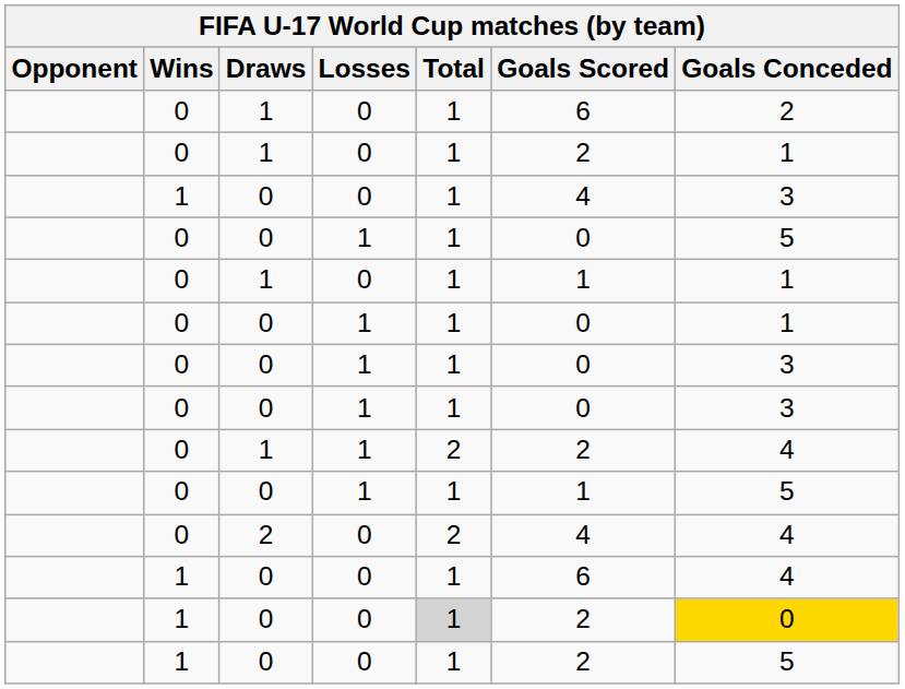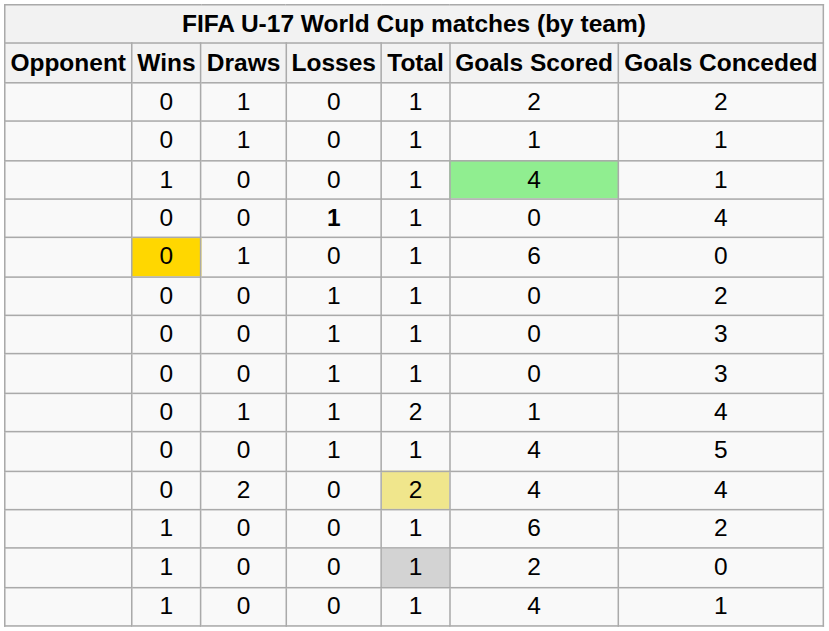 <table class="wikitable sortable" style="text-align: center;">
 <tr>
 <th colspan=7>FIFA U-17 World Cup matches (by team)</th>
 </tr>
 <tr>
 <th>Opponent</th>
 <th>Wins</th>
 <th>Draws</th>
 <th>Losses</th>
 <th>Total</th>
 <th>Goals Scored</th>
 <th>Goals Conceded</th>
 </tr>
 <tr>
 <td style="text-align: left;"></td>
 <td>0</td>
 <td>1</td>
 <td>0</td>
 <td>1</td>
-<td>6</td>
 <td>2</td>
-</tr>
-<tr>
-<td style="text-align: left;"></td>
-<td>0</td>
-<td>1</td>
-<td>0</td>
-<td>1</td>
 <td>2</td>
-<td>1</td>
-</tr>
-<tr>
-<td style="text-align: left;"></td>
-<td>1</td>
-<td>0</td>
-<td>0</td>
-<td>1</td>
-<td>4</td>
-<td>3</td>
-</tr>
-<tr>
-<td style="text-align: left;"></td>
-<td>0</td>
-<td>0</td>
-<td>1</td>
-<td>1</td>
-<td>0</td>
-<td>5</td>
 </tr>
 <tr>
 <td style="text-align: left;"></td>
 <td>0</td>
 <td>1</td>
 <td>0</td>
 <td>1</td>
 <td>1</td>
 <td>1</td>
 </tr>
 <tr>
 <td style="text-align: left;"></td>
+<td>1</td>
+<td>0</td>
+<td>0</td>
+<td>1</td>
+<td style="background: lightgreen;">4</td>
+<td>1</td>
+</tr>
+<tr>
+<td style="text-align: left;"></td>
+<td>0</td>
+<td>0</td>
+<td><strong>1</strong></td>
+<td>1</td>
+<td>0</td>
+<td>4</td>
+</tr>
+<tr>
+<td style="text-align: left;"></td>
+<td style="background: gold;">0</td>
+<td>1</td>
+<td>0</td>
+<td>1</td>
+<td>6</td>
+<td>0</td>
+</tr>
+<tr>
+<td style="text-align: left;"></td>
 <td>0</td>
 <td>0</td>
 <td>1</td>
 <td>1</td>
 <td>0</td>
-<td>1</td>
+<td>2</td>
 </tr>
 <tr>
 <td style="text-align: left;"></td>
 <td>0</td>
 <td>0</td>
 <td>1</td>
 <td>1</td>
 <td>0</td>
 <td>3</td>
 </tr>
 <tr>
 <td style="text-align: left;"></td>
 <td>0</td>
 <td>0</td>
 <td>1</td>
 <td>1</td>
 <td>0</td>
 <td>3</td>
 </tr>
 <tr>
 <td style="text-align: left;"></td>
 <td>0</td>
 <td>1</td>
 <td>1</td>
 <td>2</td>
-<td>2</td>
+<td>1</td>
 <td>4</td>
 </tr>
 <tr>
 <td style="text-align: left;"></td>
 <td>0</td>
 <td>0</td>
 <td>1</td>
 <td>1</td>
-<td>1</td>
+<td>4</td>
 <td>5</td>
 </tr>
 <tr>
 <td style="text-align: left;"></td>
 <td>0</td>
 <td>2</td>
 <td>0</td>
-<td>2</td>
+<td style="background: khaki;">2</td>
 <td>4</td>
 <td>4</td>
 </tr>
 <tr>
 <td style="text-align: left;"></td>
 <td>1</td>
 <td>0</td>
 <td>0</td>
 <td>1</td>
 <td>6</td>
-<td>4</td>
+<td>2</td>
 </tr>
 <tr>
 <td style="text-align: left;"></td>
 <td>1</td>
 <td>0</td>
 <td>0</td>
 <td style="background: lightgrey;">1</td>
 <td>2</td>
-<td style="background: gold;">0</td>
+<td>0</td>
 </tr>
 <tr>
 <td style="text-align: left;"></td>
 <td>1</td>
 <td>0</td>
 <td>0</td>
 <td>1</td>
-<td>2</td>
-<td>5</td>
+<td>4</td>
+<td>1</td>
 </tr>
 </table>
